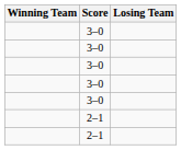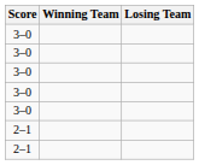 <table class=wikitable style="border:1px solid #AAAAAA;">
 <tr>
+<th>Score</th>
 <th>Winning Team</th>
-<th>Score</th>
 <th>Losing Team</th>
 </tr>
 <tr>
+<td align="center">3–0</td>
 <td></td>
-<td align="center">3–0</td>
 <td></td>
 </tr>
 <tr>
+<td align="center">3–0</td>
 <td><strong></strong></td>
-<td align="center">3–0</td>
 <td></td>
 </tr>
 <tr>
+<td align="center">3–0</td>
 <td><strong></strong></td>
-<td align="center">3–0</td>
 <td></td>
 </tr>
 <tr>
+<td align="center">3–0</td>
 <td><strong></strong></td>
-<td align="center">3–0</td>
 <td></td>
 </tr>
 <tr>
+<td align="center">3–0</td>
 <td><strong></strong></td>
-<td align="center">3–0</td>
 <td></td>
 </tr>
 <tr>
+<td align="center">2–1</td>
 <td><strong></strong></td>
-<td align="center">2–1</td>
 <td></td>
 </tr>
 <tr>
+<td align="center">2–1</td>
 <td><strong></strong></td>
-<td align="center">2–1</td>
 <td></td>
 </tr>
 </table>
